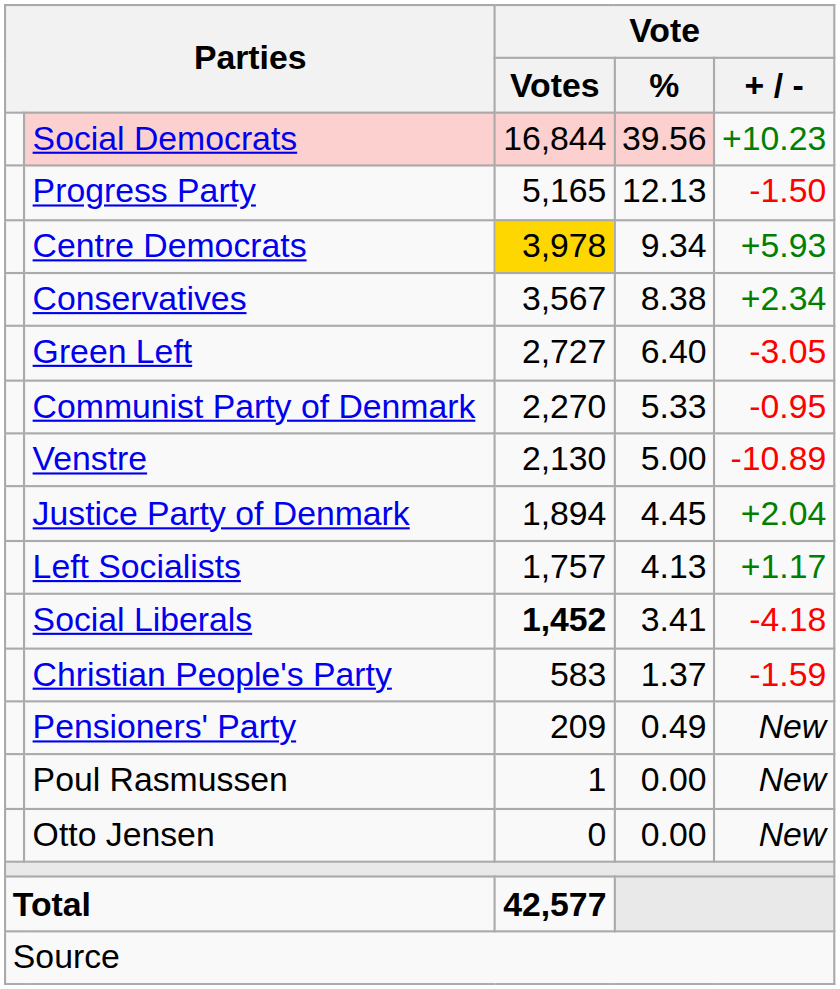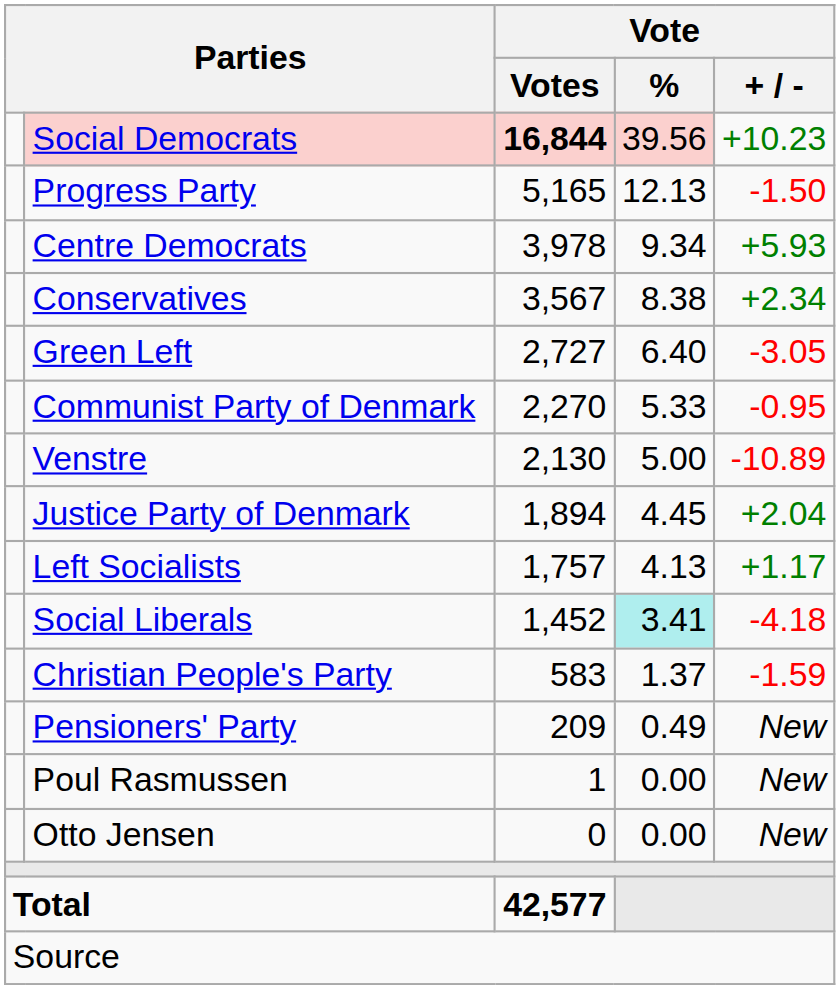 <table class="wikitable" style="text-align:right;">
 <tr>
 <th style="text-align:centre;" rowspan="2" colspan="2" width="225">Parties</th>
 <th colspan="3">Vote</th>
 </tr>
 <tr>
 <th width="15">Votes</th>
 <th width="15">%</th>
 <th width="15">+ / -</th>
 </tr>
 <tr>
 <td width="2" style="color:inherit;background:"></td>
 <td bgcolor=#fbd0ce  align="left"><a href='#'>Social Democrats</a></td>
-<td bgcolor=#fbd0ce>16,844</td>
+<td bgcolor=#fbd0ce><strong>16,844</strong></td>
 <td bgcolor=#fbd0ce>39.56</td>
 <td style=color:green;>+10.23</td>
 </tr>
 <tr>
 <td width="2" style="color:inherit;background:"></td>
 <td align="left"><a href='#'>Progress Party</a></td>
 <td>5,165</td>
 <td>12.13</td>
 <td style=color:red;>-1.50</td>
 </tr>
 <tr>
 <td width="2" style="color:inherit;background:"></td>
 <td align="left"><a href='#'>Centre Democrats</a></td>
-<td style="background: gold;">3,978</td>
+<td>3,978</td>
 <td>9.34</td>
 <td style=color:green;>+5.93</td>
 </tr>
 <tr>
 <td width="2" style="color:inherit;background:"></td>
 <td align="left"><a href='#'>Conservatives</a></td>
 <td>3,567</td>
 <td>8.38</td>
 <td style=color:green;>+2.34</td>
 </tr>
 <tr>
 <td width="2" style="color:inherit;background:"></td>
 <td align="left"><a href='#'>Green Left</a></td>
 <td>2,727</td>
 <td>6.40</td>
 <td style=color:red;>-3.05</td>
 </tr>
 <tr>
 <td width="2" style="color:inherit;background:"></td>
 <td align="left"><a href='#'>Communist Party of Denmark</a></td>
 <td>2,270</td>
 <td>5.33</td>
 <td style=color:red;>-0.95</td>
 </tr>
 <tr>
 <td width="2" style="color:inherit;background:"></td>
 <td align="left"><a href='#'>Venstre</a></td>
 <td>2,130</td>
 <td>5.00</td>
 <td style=color:red;>-10.89</td>
 </tr>
 <tr>
 <td width="2" style="color:inherit;background:"></td>
 <td align="left"><a href='#'>Justice Party of Denmark</a></td>
 <td>1,894</td>
 <td>4.45</td>
 <td style=color:green;>+2.04</td>
 </tr>
 <tr>
 <td width="2" style="color:inherit;background:"></td>
 <td align="left"><a href='#'>Left Socialists</a></td>
 <td>1,757</td>
 <td>4.13</td>
 <td style=color:green;>+1.17</td>
 </tr>
 <tr>
 <td width="2" style="color:inherit;background:"></td>
 <td align="left"><a href='#'>Social Liberals</a></td>
-<td><strong>1,452</strong></td>
-<td>3.41</td>
+<td>1,452</td>
+<td style="background: paleturquoise;">3.41</td>
 <td style=color:red;>-4.18</td>
 </tr>
 <tr>
 <td width="2" style="color:inherit;background:"></td>
 <td align="left"><a href='#'>Christian People's Party</a></td>
 <td>583</td>
 <td>1.37</td>
 <td style=color:red;>-1.59</td>
 </tr>
 <tr>
 <td width="2" style="color:inherit;background:"></td>
 <td align="left"><a href='#'>Pensioners' Party</a></td>
 <td>209</td>
 <td>0.49</td>
 <td><em>New</em></td>
 </tr>
 <tr>
 <td width="2" style="color:inherit;background:"></td>
 <td align="left">Poul Rasmussen</td>
 <td>1</td>
 <td>0.00</td>
 <td><em>New</em></td>
 </tr>
 <tr>
 <td width="2" style="color:inherit;background:"></td>
 <td align="left">Otto Jensen</td>
 <td>0</td>
 <td>0.00</td>
 <td><em>New</em></td>
 </tr>
 <tr>
 <td colspan="7" bgcolor="#E9E9E9"></td>
 </tr>
 <tr>
 <td align="left" colspan="2"><strong>Total</strong></td>
 <td><strong>42,577</strong></td>
 <td bgcolor="#E9E9E9" colspan="2"></td>
 </tr>
 <tr>
 <td align="left" colspan="6">Source</td>
 </tr>
 </table>
